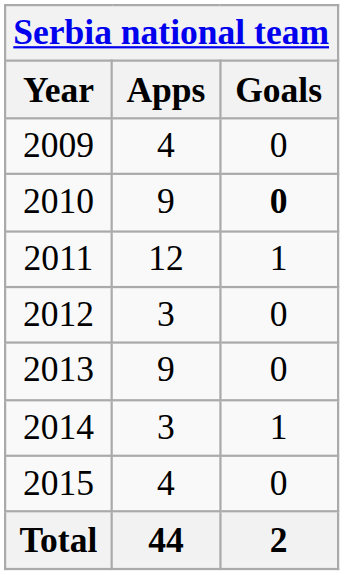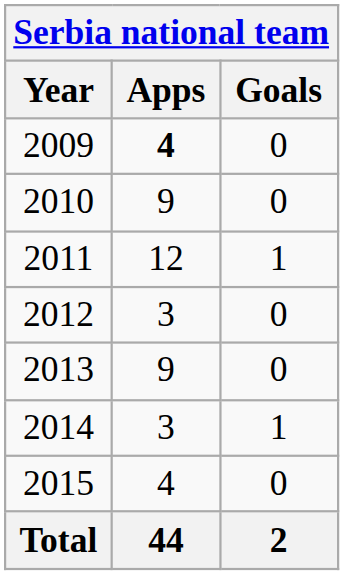 <table class="wikitable" style="text-align:center">
 <tr>
 <th colspan=3><a href='#'>Serbia national team</a></th>
 </tr>
 <tr>
 <th>Year</th>
 <th>Apps</th>
 <th>Goals</th>
 </tr>
 <tr>
 <td>2009</td>
-<td>4</td>
+<td><strong>4</strong></td>
 <td>0</td>
 </tr>
 <tr>
 <td>2010</td>
 <td>9</td>
-<td><strong>0</strong></td>
+<td>0</td>
 </tr>
 <tr>
 <td>2011</td>
 <td>12</td>
 <td>1</td>
 </tr>
 <tr>
 <td>2012</td>
 <td>3</td>
 <td>0</td>
 </tr>
 <tr>
 <td>2013</td>
 <td>9</td>
 <td>0</td>
 </tr>
 <tr>
 <td>2014</td>
 <td>3</td>
 <td>1</td>
 </tr>
 <tr>
 <td>2015</td>
 <td>4</td>
 <td>0</td>
 </tr>
 <tr>
 <th>Total</th>
 <th>44</th>
 <th>2</th>
 </tr>
 </table>
